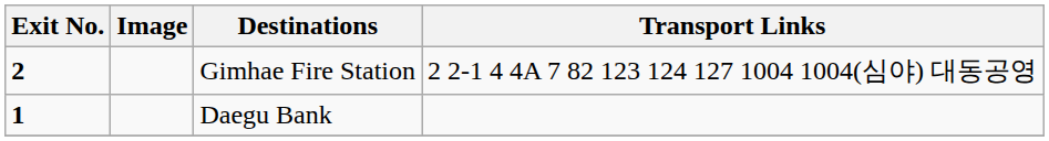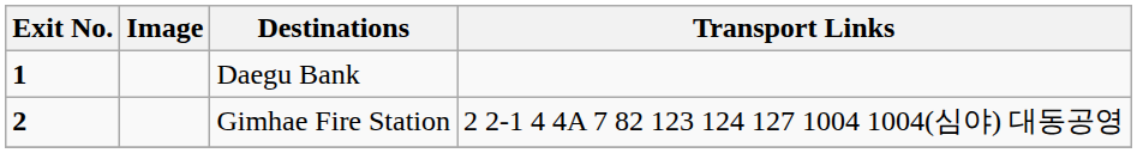 <table class="wikitable">
 <tr>
 <th>Exit No.</th>
 <th>Image</th>
 <th>Destinations</th>
 <th>Transport Links</th>
 </tr>
 <tr>
+<td style="background:#"><strong>1</strong></td>
+<td></td>
+<td>Daegu Bank</td>
+<td></td>
+</tr>
+<tr>
 <td style="background:#"><strong>2</strong></td>
 <td></td>
 <td>Gimhae Fire Station</td>
 <td><span>2</span> <span>2-1 4 4A 7 82</span> <span>123 124 127</span> <span>1004 1004(심야)</span> <span>대동공영</span></td>
 </tr>
 <tr>
-<td style="background:#"><strong>1</strong></td>
-<td></td>
-<td>Daegu Bank</td>
-<td></td>
-</tr>
-<tr>
 </tr>
 </table>
